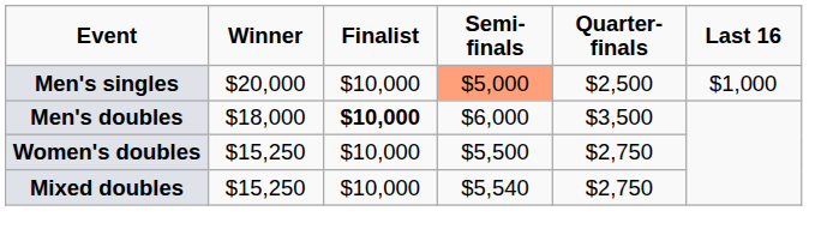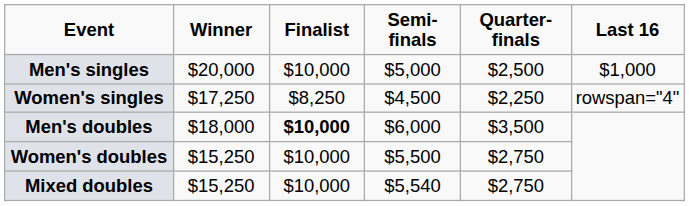 <table class="wikitable" style="font-size:90%; text-align:center">
 <tr>
 <td width="125"><strong>Event</strong></td>
 <td width="68"><strong>Winner</strong></td>
 <td width="68"><strong>Finalist</strong></td>
 <td width="68"><strong>Semi-finals</strong></td>
 <td width="80"><strong>Quarter-finals</strong></td>
 <td width="68"><strong>Last 16</strong></td>
 </tr>
 <tr>
 <td bgcolor="#dfe2e9"><strong>Men's singles</strong></td>
 <td>$20,000</td>
 <td>$10,000</td>
-<td style="background: lightsalmon;">$5,000</td>
+<td>$5,000</td>
 <td>$2,500</td>
 <td>$1,000</td>
+</tr>
+<tr>
+<td bgcolor="#dfe2e9"><strong>Women's singles</strong></td>
+<td>$17,250</td>
+<td>$8,250</td>
+<td>$4,500</td>
+<td>$2,250</td>
+<td>rowspan="4" </td>
 </tr>
 <tr>
 <td bgcolor="#dfe2e9"><strong>Men's doubles</strong></td>
 <td>$18,000</td>
 <td><strong>$10,000</strong></td>
 <td>$6,000</td>
 <td>$3,500</td>
 </tr>
 <tr>
 <td bgcolor="#dfe2e9"><strong>Women's doubles</strong></td>
 <td>$15,250</td>
 <td>$10,000</td>
 <td>$5,500</td>
 <td>$2,750</td>
 </tr>
 <tr>
 <td bgcolor="#dfe2e9"><strong>Mixed doubles</strong></td>
 <td>$15,250</td>
 <td>$10,000</td>
 <td>$5,540</td>
 <td>$2,750</td>
 </tr>
 </table>
